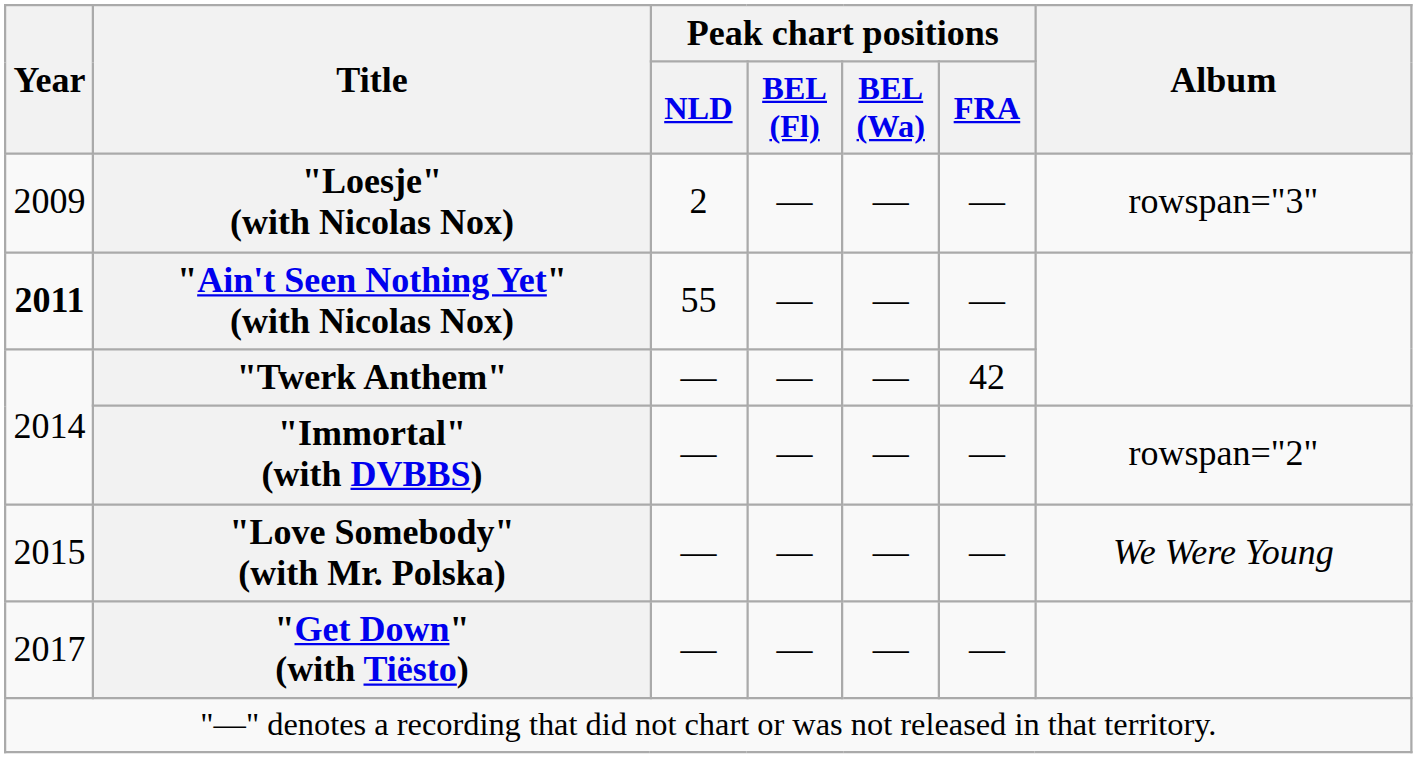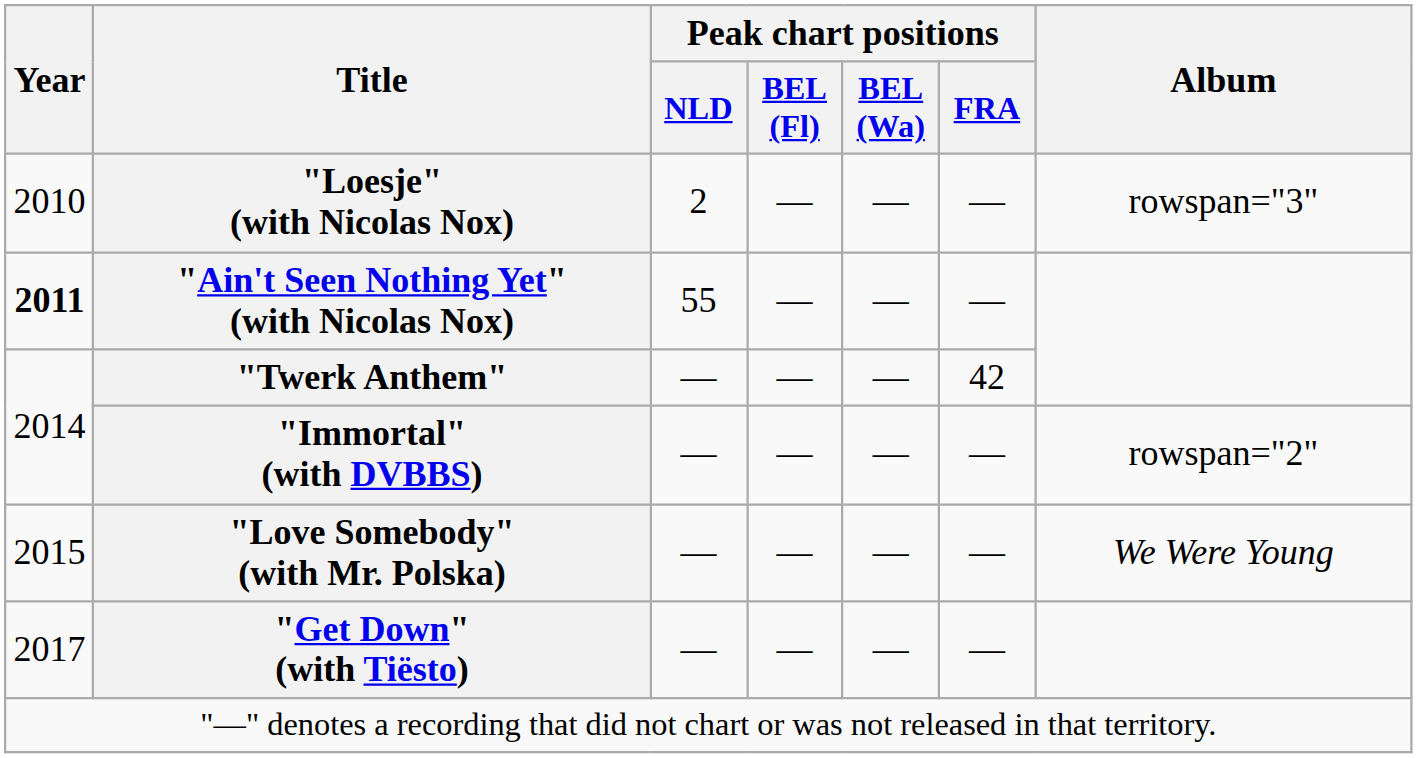 <table class="wikitable plainrowheaders" style="text-align:center;">
 <tr>
 <th rowspan="2" scope="col" style="width:1em;">Year</th>
 <th rowspan="2" scope="col" style="width:15em;">Title</th>
 <th colspan="4" scope="col">Peak chart positions</th>
 <th rowspan="2" scope="col" style="width:10em;">Album</th>
 </tr>
 <tr>
 <th scope="col" style="width:2.5em;font-size:90%;"><a href='#'>NLD</a><br></th>
 <th scope="col" style="width:2.5em;font-size:90%;"><a href='#'>BEL (Fl)</a><br></th>
 <th scope="col" style="width:2.5em;font-size:90%;"><a href='#'>BEL (Wa)</a><br></th>
 <th scope="col" style="width:2.5em;font-size:90%;"><a href='#'>FRA</a><br></th>
 </tr>
 <tr>
-<td>2009</td>
+<td>2010</td>
 <th scope="row">"Loesje" <br><span>(with Nicolas Nox)</span></th>
 <td>2</td>
 <td>—</td>
 <td>—</td>
 <td>—</td>
 <td>rowspan="3" </td>
 </tr>
 <tr>
 <td><strong>2011</strong></td>
 <th scope="row">"<a href='#'>Ain't Seen Nothing Yet</a>" <br><span>(with Nicolas Nox)</span></th>
 <td>55</td>
 <td>—</td>
 <td>—</td>
 <td>—</td>
 </tr>
 <tr>
 <td rowspan="2">2014</td>
 <th scope="row">"Twerk Anthem"</th>
 <td>—</td>
 <td>—</td>
 <td>—</td>
 <td>42</td>
 </tr>
 <tr>
 <th scope="row">"Immortal" <br><span>(with <a href='#'>DVBBS</a>)</span></th>
 <td>—</td>
 <td>—</td>
 <td>—</td>
 <td>—</td>
 <td>rowspan="2" </td>
 </tr>
 <tr>
 <td>2015</td>
 <th scope="row">"Love Somebody" <br><span>(with Mr. Polska)</span></th>
 <td>—</td>
 <td>—</td>
 <td>—</td>
 <td>—</td>
 <td><em>We Were Young</em></td>
 </tr>
 <tr>
 <td>2017</td>
 <th scope="row">"<a href='#'>Get Down</a>" <br><span>(with <a href='#'>Tiësto</a>)</span></th>
 <td>—</td>
 <td>—</td>
 <td>—</td>
 <td>—</td>
 </tr>
 <tr>
 <td colspan="16" style="font-size:90%">"—" denotes a recording that did not chart or was not released in that territory.</td>
 </tr>
 </table>
